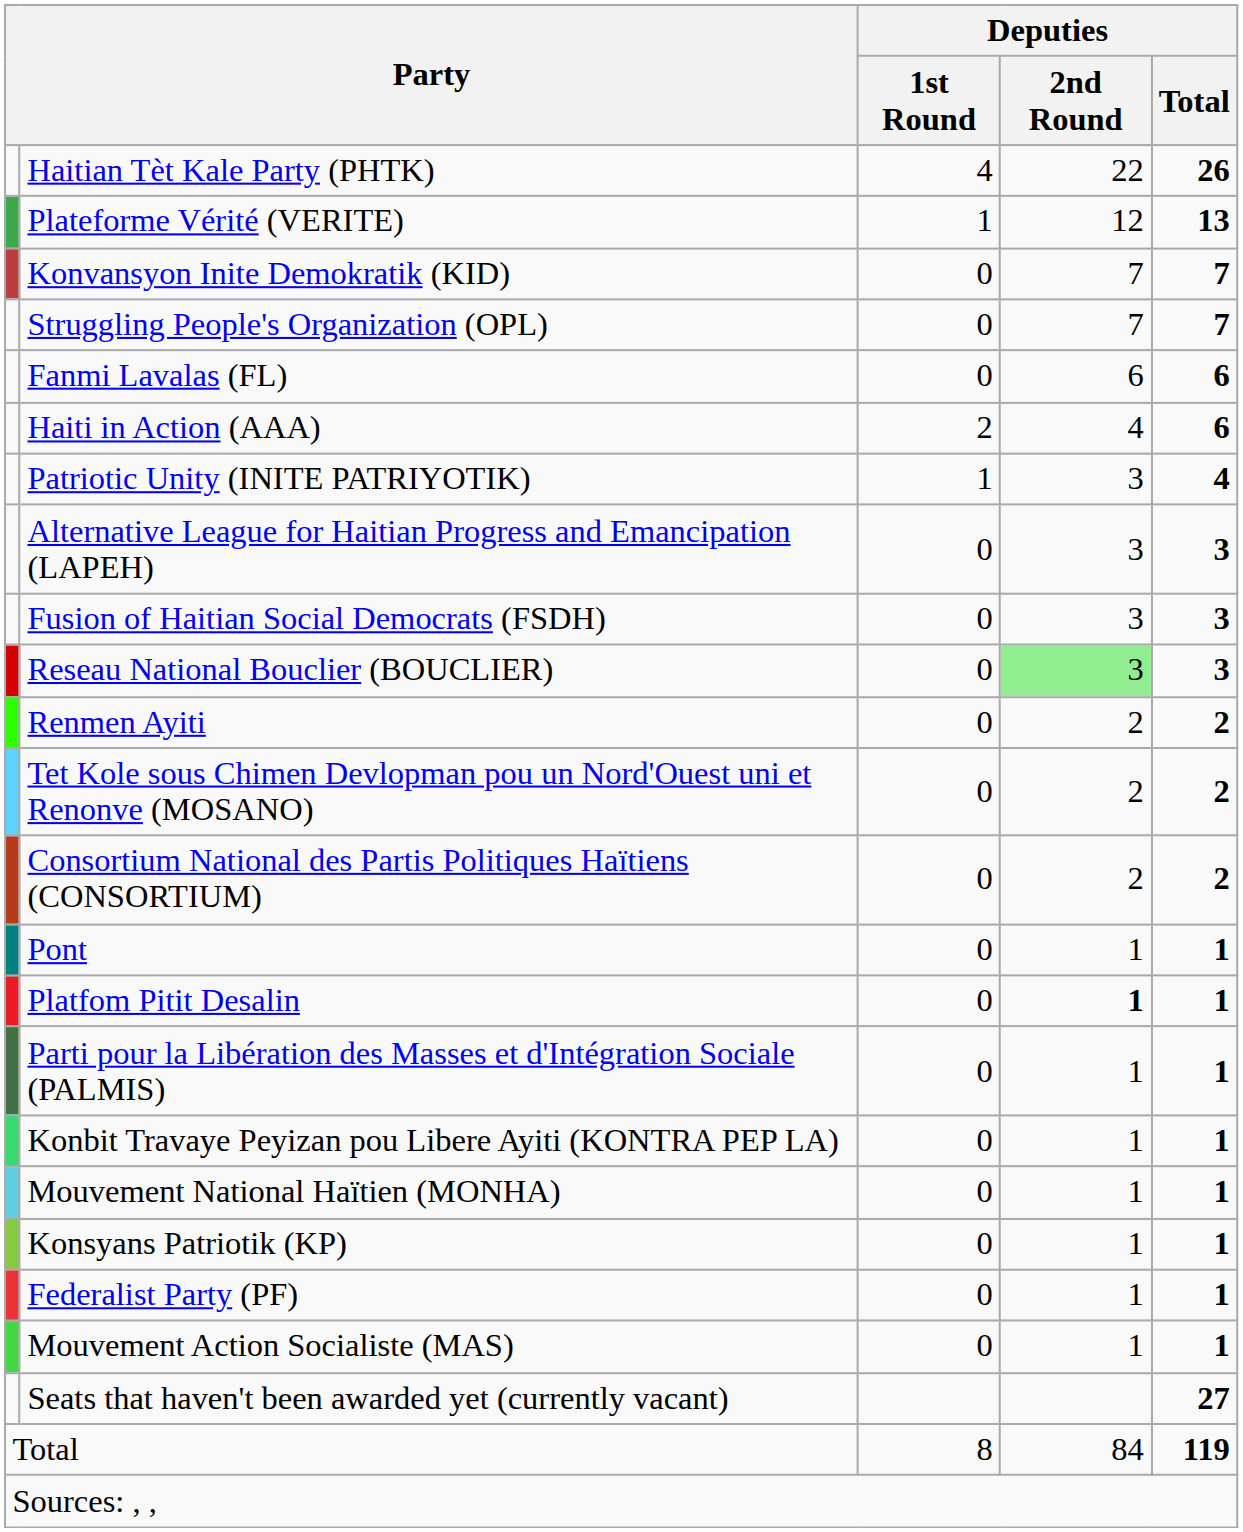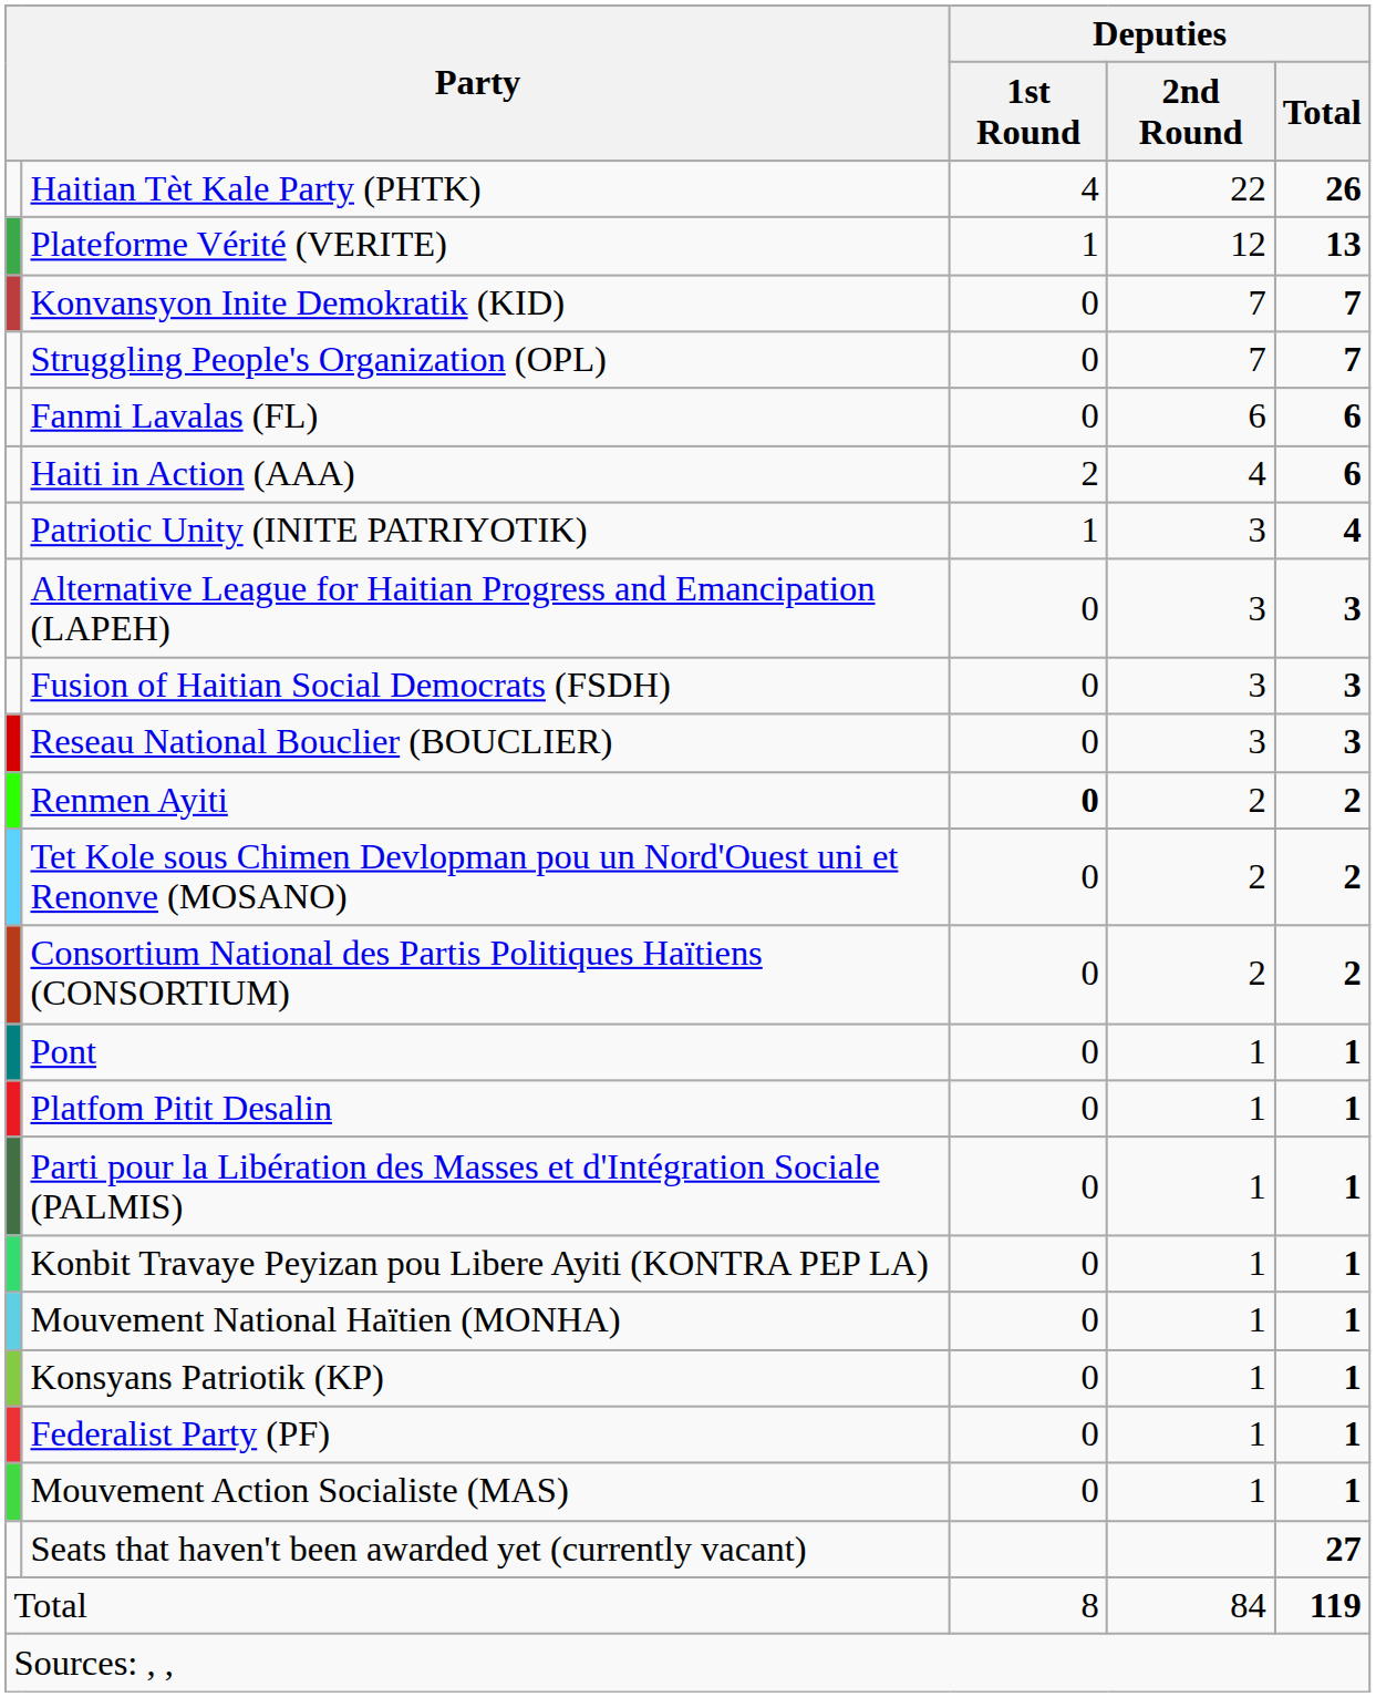 <table class="wikitable">
 <tr>
 <th colspan=2 rowspan=2>Party</th>
 <th colspan=3>Deputies</th>
 </tr>
 <tr>
 <th>1st Round</th>
 <th>2nd Round</th>
 <th>Total</th>
 </tr>
 <tr>
 <td bgcolor=></td>
 <td><a href='#'>Haitian Tèt Kale Party</a> (PHTK)</td>
 <td align=right>4</td>
 <td align=right>22</td>
 <td align=right><strong>26</strong></td>
 </tr>
 <tr>
 <td bgcolor=#3BA94A></td>
 <td><a href='#'>Plateforme Vérité</a> (VERITE)</td>
 <td align=right>1</td>
 <td align=right>12</td>
 <td align=right><strong>13</strong></td>
 </tr>
 <tr>
 <td bgcolor=#BB3D3E></td>
 <td><a href='#'>Konvansyon Inite Demokratik</a> (KID)</td>
 <td align=right>0</td>
 <td align=right>7</td>
 <td align=right><strong>7</strong></td>
 </tr>
 <tr>
 <td bgcolor=></td>
 <td><a href='#'>Struggling People's Organization</a> (OPL)</td>
 <td align=right>0</td>
 <td align=right>7</td>
 <td align=right><strong>7</strong></td>
 </tr>
 <tr>
 <td bgcolor=></td>
 <td><a href='#'>Fanmi Lavalas</a> (FL)</td>
 <td align=right>0</td>
 <td align=right>6</td>
 <td align=right><strong>6</strong></td>
 </tr>
 <tr>
 <td bgcolor=></td>
 <td><a href='#'>Haiti in Action</a> (AAA)</td>
 <td align=right>2</td>
 <td align=right>4</td>
 <td align=right><strong>6</strong></td>
 </tr>
 <tr>
 <td bgcolor=></td>
 <td><a href='#'>Patriotic Unity</a> (INITE PATRIYOTIK)</td>
 <td align=right>1</td>
 <td align=right>3</td>
 <td align=right><strong>4</strong></td>
 </tr>
 <tr>
 <td bgcolor=></td>
 <td><a href='#'>Alternative League for Haitian Progress and Emancipation</a> (LAPEH)</td>
 <td align=right>0</td>
 <td align=right>3</td>
 <td align=right><strong>3</strong></td>
 </tr>
 <tr>
 <td bgcolor=></td>
 <td><a href='#'>Fusion of Haitian Social Democrats</a> (FSDH)</td>
 <td align=right>0</td>
 <td align=right>3</td>
 <td align=right><strong>3</strong></td>
 </tr>
 <tr>
 <td bgcolor=#D50000></td>
 <td><a href='#'>Reseau National Bouclier</a> (BOUCLIER)</td>
 <td align=right>0</td>
-<td align=right style="background: lightgreen;">3</td>
+<td align=right>3</td>
 <td align=right><strong>3</strong></td>
 </tr>
 <tr>
 <td bgcolor=#2BFF00></td>
 <td><a href='#'>Renmen Ayiti</a></td>
-<td align=right>0</td>
+<td align=right><strong>0</strong></td>
 <td align=right>2</td>
 <td align=right><strong>2</strong></td>
 </tr>
 <tr>
 <td bgcolor=#5CD3FF></td>
 <td><a href='#'>Tet Kole sous Chimen Devlopman pou un Nord'Ouest uni et Renonve</a> (MOSANO)</td>
 <td align=right>0</td>
 <td align=right>2</td>
 <td align=right><strong>2</strong></td>
 </tr>
 <tr>
 <td bgcolor=#B73B19></td>
 <td><a href='#'>Consortium National des Partis Politiques Haïtiens</a> (CONSORTIUM)</td>
 <td align=right>0</td>
 <td align=right>2</td>
 <td align=right><strong>2</strong></td>
 </tr>
 <tr>
 <td bgcolor=#008080></td>
 <td><a href='#'>Pont</a></td>
 <td align=right>0</td>
 <td align=right>1</td>
 <td align=right><strong>1</strong></td>
 </tr>
 <tr>
 <td bgcolor=#EB1A22></td>
 <td><a href='#'>Platfom Pitit Desalin</a></td>
 <td align=right>0</td>
-<td align=right><strong>1</strong></td>
+<td align=right>1</td>
 <td align=right><strong>1</strong></td>
 </tr>
 <tr>
 <td bgcolor=#417044></td>
 <td><a href='#'>Parti pour la Libération des Masses et d'Intégration Sociale</a> (PALMIS)</td>
 <td align=right>0</td>
 <td align=right>1</td>
 <td align=right><strong>1</strong></td>
 </tr>
 <tr>
 <td bgcolor=#36DB6F></td>
 <td>Konbit Travaye Peyizan pou Libere Ayiti (KONTRA PEP LA)</td>
 <td align=right>0</td>
 <td align=right>1</td>
 <td align=right><strong>1</strong></td>
 </tr>
 <tr>
 <td bgcolor=#5FD0E4></td>
 <td>Mouvement National Haïtien (MONHA)</td>
 <td align=right>0</td>
 <td align=right>1</td>
 <td align=right><strong>1</strong></td>
 </tr>
 <tr>
 <td bgcolor=#84CB42></td>
 <td>Konsyans Patriotik (KP)</td>
 <td align=right>0</td>
 <td align=right>1</td>
 <td align=right><strong>1</strong></td>
 </tr>
 <tr>
 <td bgcolor=#EC3235></td>
 <td><a href='#'>Federalist Party</a> (PF)</td>
 <td align=right>0</td>
 <td align=right>1</td>
 <td align=right><strong>1</strong></td>
 </tr>
 <tr>
 <td bgcolor=#41D842></td>
 <td>Mouvement Action Socialiste (MAS)</td>
 <td align=right>0</td>
 <td align=right>1</td>
 <td align=right><strong>1</strong></td>
 </tr>
 <tr>
 <td></td>
 <td>Seats that haven't been awarded yet (currently vacant)</td>
 <td></td>
 <td></td>
 <td align=right><strong>27</strong></td>
 </tr>
 <tr>
 <td colspan=2>Total</td>
 <td align=right>8</td>
 <td align=right>84</td>
 <td align=right><strong>119</strong></td>
 </tr>
 <tr>
 <td colspan=8>Sources: , , </td>
 </tr>
 </table>
